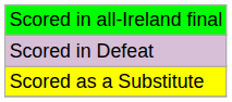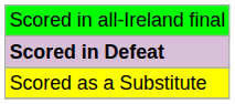 <table class=wikitable>
 <tr>
 <td bgcolor=lime>Scored in all-Ireland final</td>
 </tr>
 <tr>
 </tr>
 <tr>
-<td bgcolor=thistle>Scored in Defeat</td>
+<td bgcolor=thistle><strong>Scored in Defeat</strong></td>
 </tr>
 <tr>
 </tr>
 <tr>
 <td bgcolor=yellow>Scored as a Substitute</td>
 </tr>
 <tr>
 </tr>
 </table>
